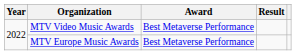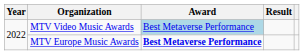 <table class="wikitable plainrowheaders">
 <tr align=center>
 <th scope="col">Year</th>
 <th scope="col">Organization</th>
 <th scope="col">Award</th>
 <th scope="col">Result</th>
 <th scope="col"></th>
 </tr>
 <tr>
 <td rowspan="2">2022</td>
 <td><a href='#'>MTV Video Music Awards</a></td>
-<td><a href='#'>Best Metaverse Performance</a></td>
+<td style="background: lightblue;"><a href='#'>Best Metaverse Performance</a></td>
 <td></td>
 <td style="text-align:center;"></td>
 </tr>
 <tr>
 <td><a href='#'>MTV Europe Music Awards</a></td>
-<td><a href='#'>Best Metaverse Performance</a></td>
+<td><strong><a href='#'>Best Metaverse Performance</a></strong></td>
 <td></td>
 <td style="text-align:center;"></td>
 </tr>
 </table>
